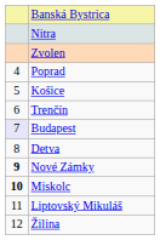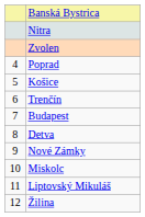 <table class="wikitable" style="width:200px;">
 <tr style="background:#F7F6A8;">
 <td align=center></td>
 <td><a href='#'>Banská Bystrica</a></td>
 </tr>
 <tr style="background:#DCE5E5;">
 <td align=center></td>
 <td><a href='#'>Nitra</a></td>
 </tr>
 <tr style="background:#FFDAB9;">
 <td align=center></td>
 <td><a href='#'>Zvolen</a></td>
 </tr>
 <tr>
 <td align=center>4</td>
 <td><a href='#'>Poprad</a></td>
 </tr>
 <tr>
 <td align=center>5</td>
 <td><a href='#'>Košice</a></td>
 </tr>
 <tr>
 <td align=center>6</td>
 <td><a href='#'>Trenčín</a></td>
 </tr>
 <tr>
-<td align=center style="background: lavender;">7</td>
+<td align=center>7</td>
 <td><a href='#'>Budapest</a></td>
 </tr>
 <tr>
 <td align=center>8</td>
 <td><a href='#'>Detva</a></td>
 </tr>
 <tr>
-<td align=center><strong>9</strong></td>
+<td align=center>9</td>
 <td><a href='#'>Nové Zámky</a></td>
 </tr>
 <tr>
-<td align=center><strong>10</strong></td>
+<td align=center>10</td>
 <td><a href='#'>Miskolc</a></td>
 </tr>
 <tr>
 <td align=center>11</td>
 <td><a href='#'>Liptovský Mikuláš</a></td>
 </tr>
 <tr>
 <td align=center>12</td>
 <td><a href='#'>Žilina</a></td>
 </tr>
 </table>
